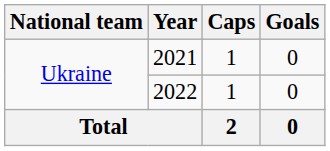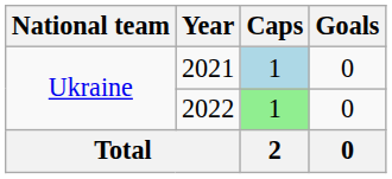 <table class="wikitable" style="text-align: center;">
 <tr>
 <th>National team</th>
 <th>Year</th>
 <th>Caps</th>
 <th>Goals</th>
 </tr>
 <tr>
 <td rowspan="2"><a href='#'>Ukraine</a></td>
 <td>2021</td>
-<td>1</td>
+<td style="background: lightblue;">1</td>
 <td>0</td>
 </tr>
 <tr>
 <td>2022</td>
-<td>1</td>
+<td style="background: lightgreen;">1</td>
 <td>0</td>
 </tr>
 <tr>
 <th colspan="2">Total</th>
 <th>2</th>
 <th>0</th>
 </tr>
 </table>
